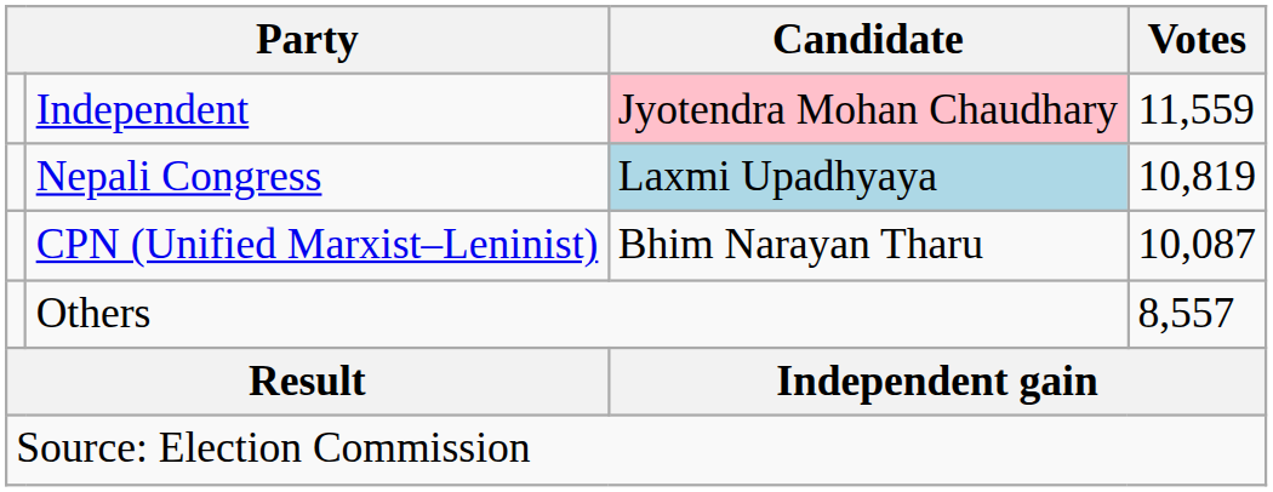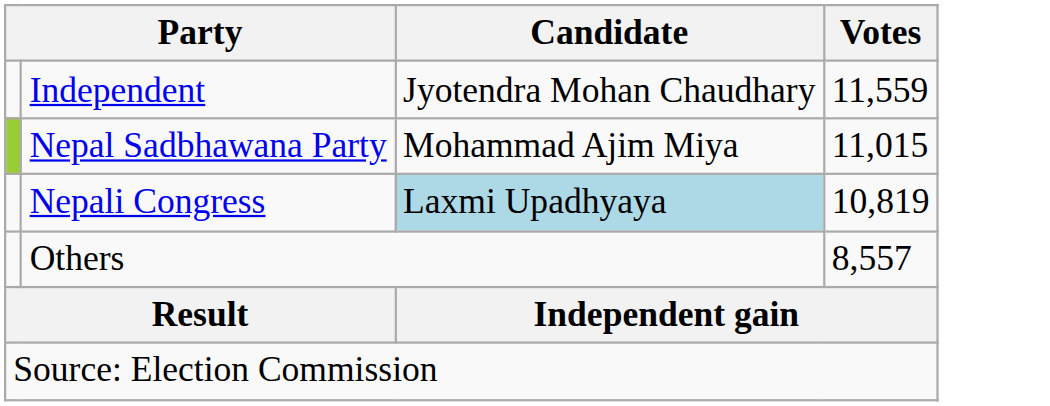 <table class="wikitable">
 <tr>
 <th colspan="2">Party</th>
 <th>Candidate</th>
 <th>Votes</th>
 </tr>
 <tr>
 <td style="background-color:"></td>
 <td><a href='#'>Independent</a></td>
-<td style="background: pink;">Jyotendra Mohan Chaudhary</td>
+<td>Jyotendra Mohan Chaudhary</td>
 <td>11,559</td>
+</tr>
+<tr>
+<td style="background-color:yellowgreen"></td>
+<td><a href='#'>Nepal Sadbhawana Party</a></td>
+<td>Mohammad Ajim Miya</td>
+<td>11,015</td>
 </tr>
 <tr>
 <td style="background-color:"></td>
 <td><a href='#'>Nepali Congress</a></td>
 <td style="background: lightblue;">Laxmi Upadhyaya</td>
 <td>10,819</td>
-</tr>
-<tr>
-<td style="background-color:"></td>
-<td><a href='#'>CPN (Unified Marxist–Leninist)</a></td>
-<td>Bhim Narayan Tharu</td>
-<td>10,087</td>
 </tr>
 <tr>
 <td></td>
 <td colspan="2">Others</td>
 <td>8,557</td>
 </tr>
 <tr>
 <th colspan="2">Result</th>
 <th colspan="2">Independent gain</th>
 </tr>
 <tr>
 <td colspan="4">Source: Election Commission</td>
 </tr>
 </table>
